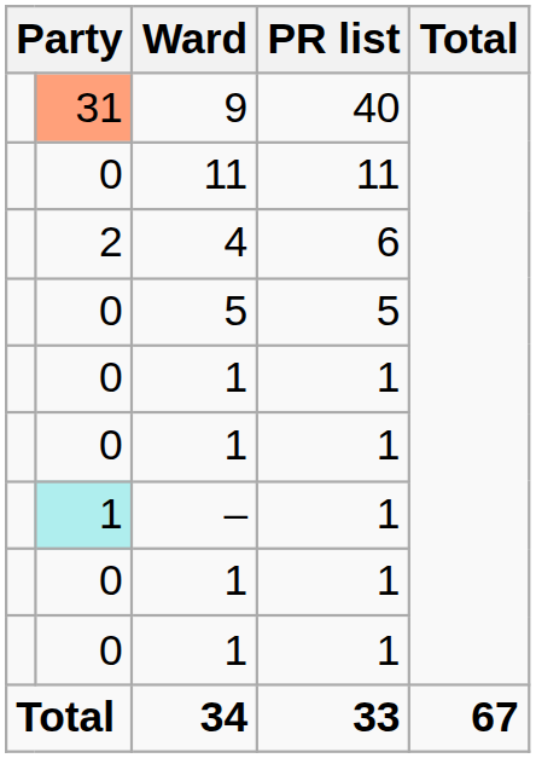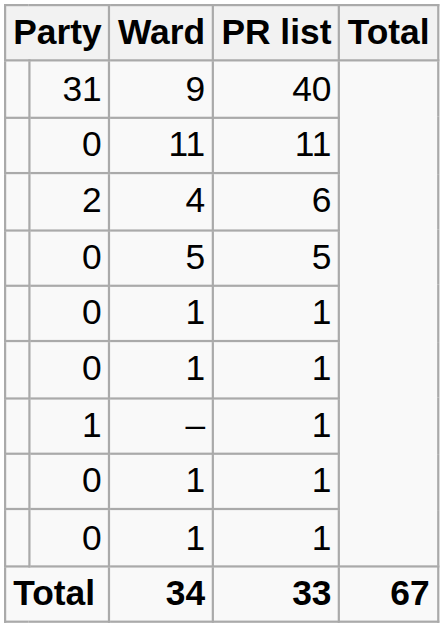 <table class=wikitable style="text-align:right">
 <tr>
 <th colspan=2>Party</th>
 <th>Ward</th>
 <th>PR list</th>
 <th>Total</th>
 </tr>
 <tr>
 <td></td>
-<td style="background: lightsalmon;">31</td>
+<td>31</td>
 <td>9</td>
 <td>40</td>
 </tr>
 <tr>
 <td></td>
 <td>0</td>
 <td>11</td>
 <td>11</td>
 </tr>
 <tr>
 <td></td>
 <td>2</td>
 <td>4</td>
 <td>6</td>
 </tr>
 <tr>
 <td></td>
 <td>0</td>
 <td>5</td>
 <td>5</td>
 </tr>
 <tr>
 <td></td>
 <td>0</td>
 <td>1</td>
 <td>1</td>
 </tr>
 <tr>
 <td></td>
 <td>0</td>
 <td>1</td>
 <td>1</td>
 </tr>
 <tr>
 <td></td>
-<td style="background: paleturquoise;">1</td>
+<td>1</td>
 <td>–</td>
 <td>1</td>
 </tr>
 <tr>
 <td></td>
 <td>0</td>
 <td>1</td>
 <td>1</td>
 </tr>
 <tr>
 <td></td>
 <td>0</td>
 <td>1</td>
 <td>1</td>
 </tr>
 <tr>
 <td colspan="2" style="text-align:left"><strong>Total</strong></td>
 <td><strong>34</strong></td>
 <td><strong>33</strong></td>
 <td><strong>67</strong></td>
 </tr>
 </table>
